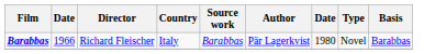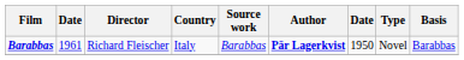 <table class="wikitable">
 <tr>
 <th>Film</th>
 <th>Date</th>
 <th>Director</th>
 <th>Country</th>
 <th>Source<br>work</th>
 <th>Author</th>
 <th>Date</th>
 <th>Type</th>
 <th>Basis</th>
 </tr>
 <tr>
 <td><strong><em><a href='#'>Barabbas</a></em></strong></td>
-<td><a href='#'>1966</a></td>
+<td><a href='#'>1961</a></td>
 <td><a href='#'>Richard Fleischer</a></td>
 <td><a href='#'>Italy</a></td>
 <td><em><a href='#'>Barabbas</a></em></td>
-<td><a href='#'>Pär Lagerkvist</a></td>
-<td>1980</td>
+<td><strong><a href='#'>Pär Lagerkvist</a></strong></td>
+<td>1950</td>
 <td>Novel</td>
 <td><a href='#'>Barabbas</a></td>
 </tr>
 <tr>
 </tr>
 </table>
